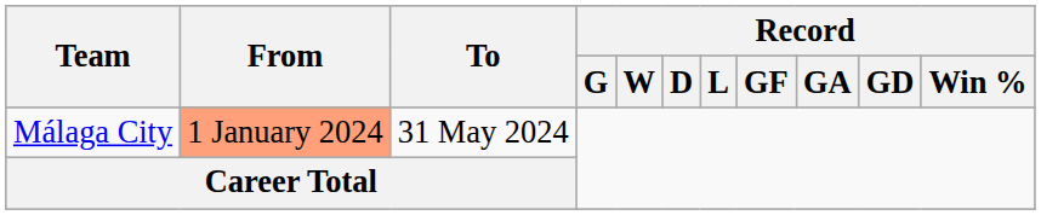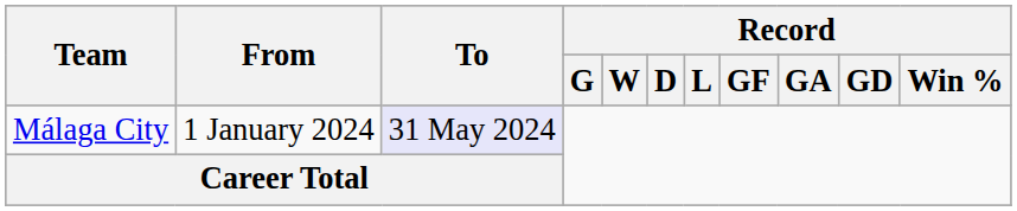 <table class="wikitable" style="text-align: center">
 <tr>
 <th rowspan="2">Team</th>
 <th rowspan="2">From</th>
 <th rowspan="2">To</th>
 <th colspan="9">Record</th>
 </tr>
 <tr>
 <th>G</th>
 <th>W</th>
 <th>D</th>
 <th>L</th>
 <th>GF</th>
 <th>GA</th>
 <th>GD</th>
 <th>Win %</th>
 </tr>
 <tr>
 <td><a href='#'>Málaga City</a></td>
-<td style="background: lightsalmon;">1 January 2024</td>
-<td>31 May 2024<br></td>
+<td>1 January 2024</td>
+<td style="background: lavender;">31 May 2024<br></td>
 </tr>
 <tr>
 <th colspan="3">Career Total<br></th>
 </tr>
 </table>
